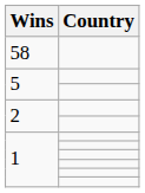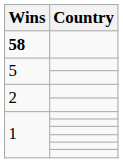 <table class="wikitable">
 <tr>
 <th>Wins</th>
 <th>Country</th>
 </tr>
 <tr>
-<td>58</td>
+<td><strong>58</strong></td>
 <td></td>
 </tr>
 <tr>
 <td rowspan= 2>5</td>
 <td></td>
 </tr>
 <tr>
 <td></td>
 </tr>
 <tr>
 <td rowspan = 2>2</td>
 <td></td>
 </tr>
 <tr>
 <td></td>
 </tr>
 <tr>
 <td rowspan= 6>1</td>
 <td></td>
 </tr>
 <tr>
 <td></td>
 </tr>
 <tr>
 <td></td>
 </tr>
 <tr>
 <td></td>
 </tr>
 <tr>
 <td></td>
 </tr>
 <tr>
 <td></td>
 </tr>
 </table>
